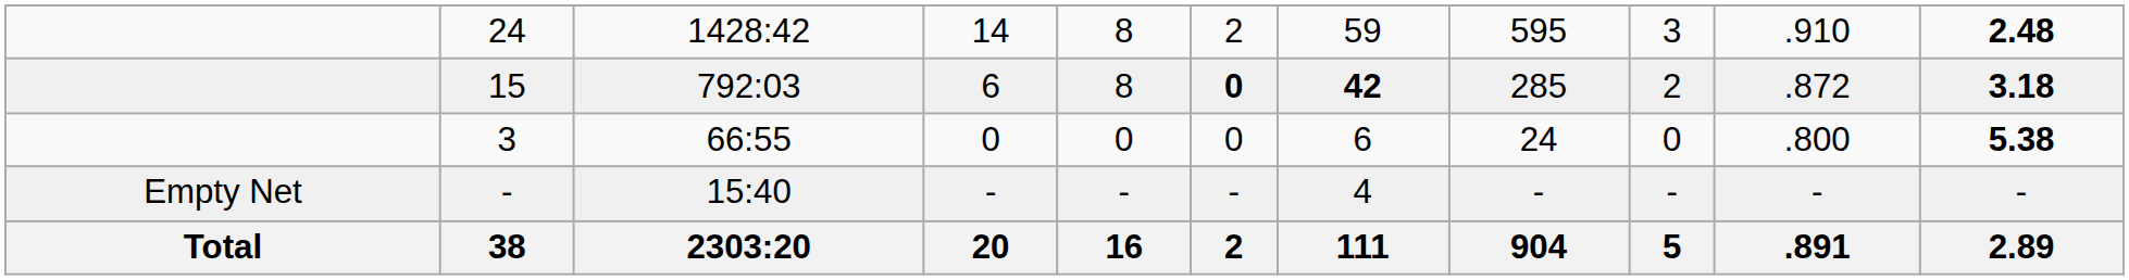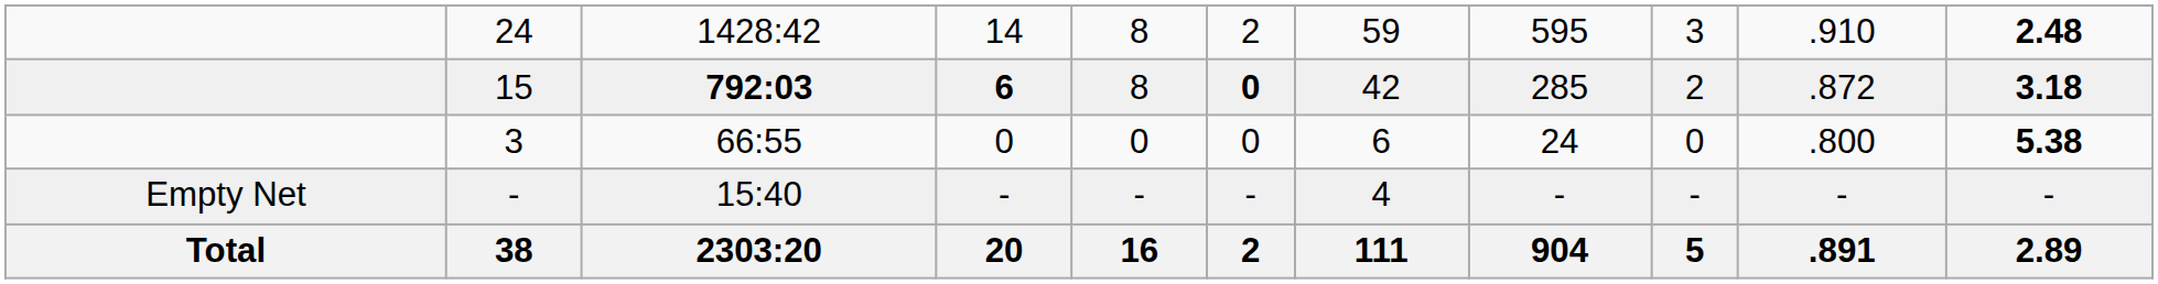 <table class="wikitable sortable" width ="1000">
 <tr align="center">
 </tr>
 <tr align="center" bgcolor="">
 <td></td>
 <td>24</td>
 <td>1428:42</td>
 <td>14</td>
 <td>8</td>
 <td>2</td>
 <td>59</td>
 <td>595</td>
 <td>3</td>
 <td>.910</td>
 <td><strong>2.48</strong></td>
 </tr>
 <tr align="center" bgcolor="f0f0f0">
 <td></td>
 <td>15</td>
-<td>792:03</td>
-<td>6</td>
+<td><strong>792:03</strong></td>
+<td><strong>6</strong></td>
 <td>8</td>
 <td><strong>0</strong></td>
-<td><strong>42</strong></td>
+<td>42</td>
 <td>285</td>
 <td>2</td>
 <td>.872</td>
 <td><strong>3.18</strong></td>
 </tr>
 <tr align="center" bgcolor="">
 <td></td>
 <td>3</td>
 <td>66:55</td>
 <td>0</td>
 <td>0</td>
 <td>0</td>
 <td>6</td>
 <td>24</td>
 <td>0</td>
 <td>.800</td>
 <td><strong>5.38</strong></td>
 </tr>
 <tr align="center" bgcolor="f0f0f0">
 <td>Empty Net</td>
 <td>-</td>
 <td>15:40</td>
 <td>-</td>
 <td>-</td>
 <td>-</td>
 <td>4</td>
 <td>-</td>
 <td>-</td>
 <td>-</td>
 <td>-</td>
 </tr>
 <tr>
 <th>Total</th>
 <th>38</th>
 <th>2303:20</th>
 <th>20</th>
 <th>16</th>
 <th>2</th>
 <th>111</th>
 <th>904</th>
 <th>5</th>
 <th>.891</th>
 <th>2.89</th>
 </tr>
 </table>
